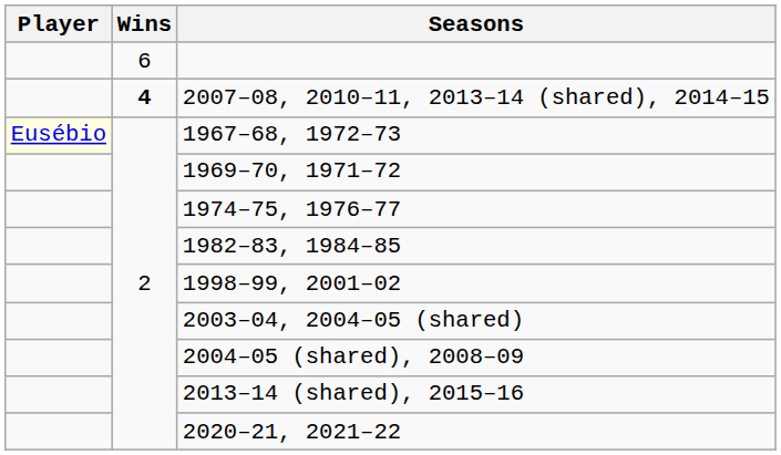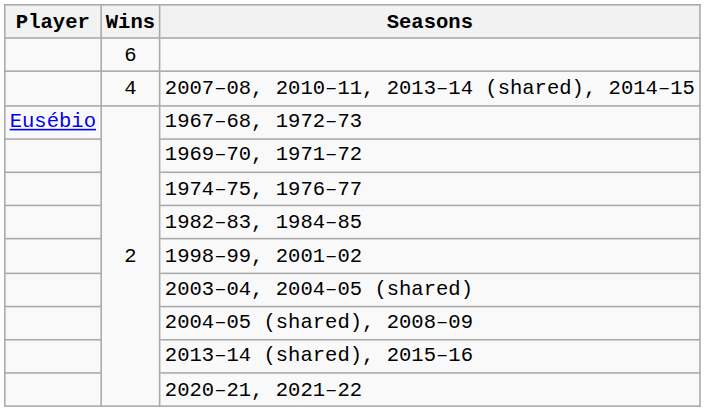 <table class="wikitable plainrowheaders sortable">
 <tr>
 <th>Player</th>
 <th scope=col>Wins</th>
 <th>Seasons</th>
 </tr>
 <tr>
 <td scope=row> <em></em></td>
 <td align=center>6</td>
 <td></td>
 </tr>
 <tr>
 <td scope=row></td>
-<td align=center><strong>4</strong></td>
+<td align=center>4</td>
 <td>2007–08, 2010–11, 2013–14 (shared), 2014–15</td>
 </tr>
 <tr>
-<td scope=row style="background: lightyellow;"> <a href='#'>Eusébio</a></td>
+<td scope=row> <a href='#'>Eusébio</a></td>
 <td align=center rowspan=10>2</td>
 <td>1967–68, 1972–73</td>
 </tr>
 <tr>
 <td scope=row> </td>
 <td>1969–70, 1971–72</td>
 </tr>
 <tr>
 <td scope=row> </td>
 <td>1974–75, 1976–77</td>
 </tr>
 <tr>
 <td scope=row> </td>
 <td>1982–83, 1984–85</td>
 </tr>
 <tr>
 <td scope=row> </td>
 <td>1998–99, 2001–02</td>
 </tr>
 <tr>
 <td scope=row> </td>
 <td>2003–04, 2004–05 (shared)</td>
 </tr>
 <tr>
 <td scope=row> </td>
 <td>2004–05 (shared), 2008–09</td>
 </tr>
 <tr>
 <td scope=row> <em></em></td>
 <td>2013–14 (shared), 2015–16</td>
 </tr>
 <tr>
 <td scope=row> <strong></strong></td>
 <td>2020–21, 2021–22</td>
 </tr>
 </table>
